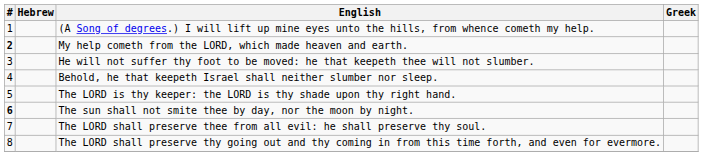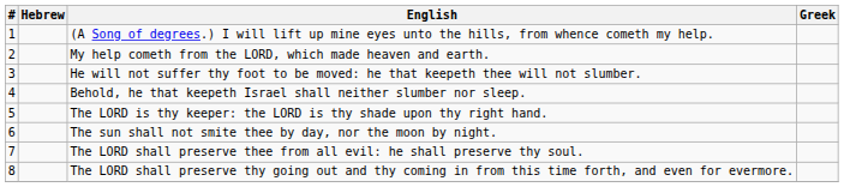 <table class=wikitable>
 <tr>
 <th>#</th>
 <th>Hebrew</th>
 <th>English</th>
 <th>Greek</th>
 </tr>
 <tr>
 <td style="text-align:right">1</td>
 <td style="text-align:right"></td>
 <td>(A <a href='#'>Song of degrees</a>.) I will lift up mine eyes unto the hills, from whence cometh my help.</td>
 <td></td>
 </tr>
 <tr>
-<td style="text-align:right"><strong>2</strong></td>
+<td style="text-align:right">2</td>
 <td style="text-align:right"></td>
 <td>My help cometh from the LORD, which made heaven and earth.</td>
 <td></td>
 </tr>
 <tr>
 <td style="text-align:right">3</td>
 <td style="text-align:right"></td>
 <td>He will not suffer thy foot to be moved: he that keepeth thee will not slumber.</td>
 <td></td>
 </tr>
 <tr>
 <td style="text-align:right">4</td>
 <td style="text-align:right"></td>
 <td>Behold, he that keepeth Israel shall neither slumber nor sleep.</td>
 <td></td>
 </tr>
 <tr>
 <td style="text-align:right">5</td>
 <td style="text-align:right"></td>
 <td>The LORD is thy keeper: the LORD is thy shade upon thy right hand.</td>
 <td></td>
 </tr>
 <tr>
-<td style="text-align:right"><strong>6</strong></td>
+<td style="text-align:right">6</td>
 <td style="text-align:right"></td>
 <td>The sun shall not smite thee by day, nor the moon by night.</td>
 <td></td>
 </tr>
 <tr>
 <td style="text-align:right">7</td>
 <td style="text-align:right"></td>
 <td>The LORD shall preserve thee from all evil: he shall preserve thy soul.</td>
 <td></td>
 </tr>
 <tr>
 <td style="text-align:right">8</td>
 <td style="text-align:right"></td>
 <td>The LORD shall preserve thy going out and thy coming in from this time forth, and even for evermore.</td>
 <td></td>
 </tr>
 <tr>
 </tr>
 </table>
